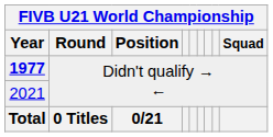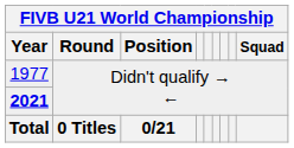 <table class="wikitable" style="text-align: center;">
 <tr>
 <th colspan=9><a href='#'>FIVB U21 World Championship</a></th>
 </tr>
 <tr>
 <th>Year</th>
 <th>Round</th>
 <th>Position</th>
 <th></th>
 <th></th>
 <th></th>
 <th></th>
 <th></th>
 <th><small>Squad</small></th>
 </tr>
 <tr bgcolor="efefef">
-<td><strong> <a href='#'>1977</a></strong></td>
+<td> <a href='#'>1977</a></td>
 <td colspan=9 rowspan=2>Didn't qualify → <br> ←</td>
 </tr>
 <tr bgcolor="efefef">
-<td>  <a href='#'>2021</a></td>
+<td><strong>  <a href='#'>2021</a></strong></td>
 </tr>
 <tr>
 <th>Total</th>
 <th>0 Titles</th>
 <th>0/21</th>
 <th></th>
 <th></th>
 <th></th>
 <th></th>
 <th></th>
 <th></th>
 </tr>
 </table>
